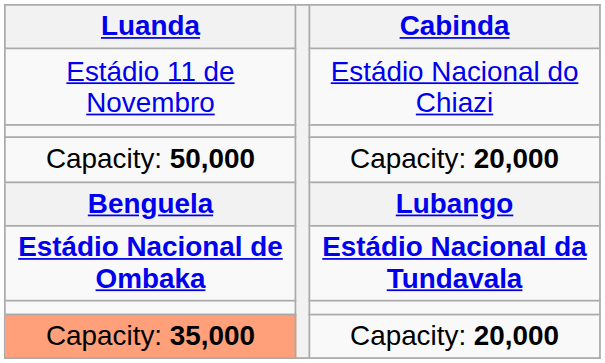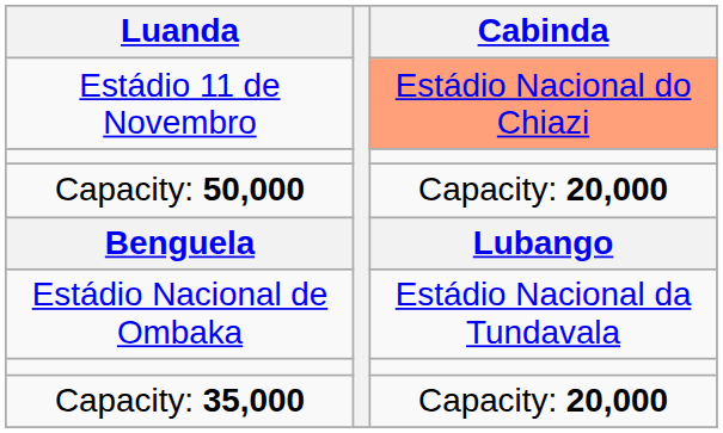 <table class=wikitable style="text-align:center">
 <tr>
 <th width=160><a href='#'>Luanda</a></th>
 <th rowspan=8><br></th>
 <th width=160><a href='#'>Cabinda</a></th>
 </tr>
 <tr>
 <td><a href='#'>Estádio 11 de Novembro</a></td>
-<td><a href='#'>Estádio Nacional do Chiazi</a></td>
+<td style="background: lightsalmon;"><a href='#'>Estádio Nacional do Chiazi</a></td>
 </tr>
 <tr>
 <td></td>
 <td></td>
 </tr>
 <tr>
 <td>Capacity: <strong>50,000</strong></td>
 <td>Capacity: <strong>20,000</strong></td>
 </tr>
 <tr>
 <th width=160><a href='#'>Benguela</a></th>
 <th><a href='#'>Lubango</a></th>
 </tr>
 <tr>
-<td><strong><a href='#'>Estádio Nacional de Ombaka</a></strong></td>
-<td><strong><a href='#'>Estádio Nacional da Tundavala</a></strong></td>
+<td><a href='#'>Estádio Nacional de Ombaka</a></td>
+<td><a href='#'>Estádio Nacional da Tundavala</a></td>
 </tr>
 <tr>
 <td></td>
 <td></td>
 </tr>
 <tr>
-<td style="background: lightsalmon;">Capacity: <strong>35,000</strong></td>
+<td>Capacity: <strong>35,000</strong></td>
 <td>Capacity: <strong>20,000</strong></td>
 </tr>
 </table>
